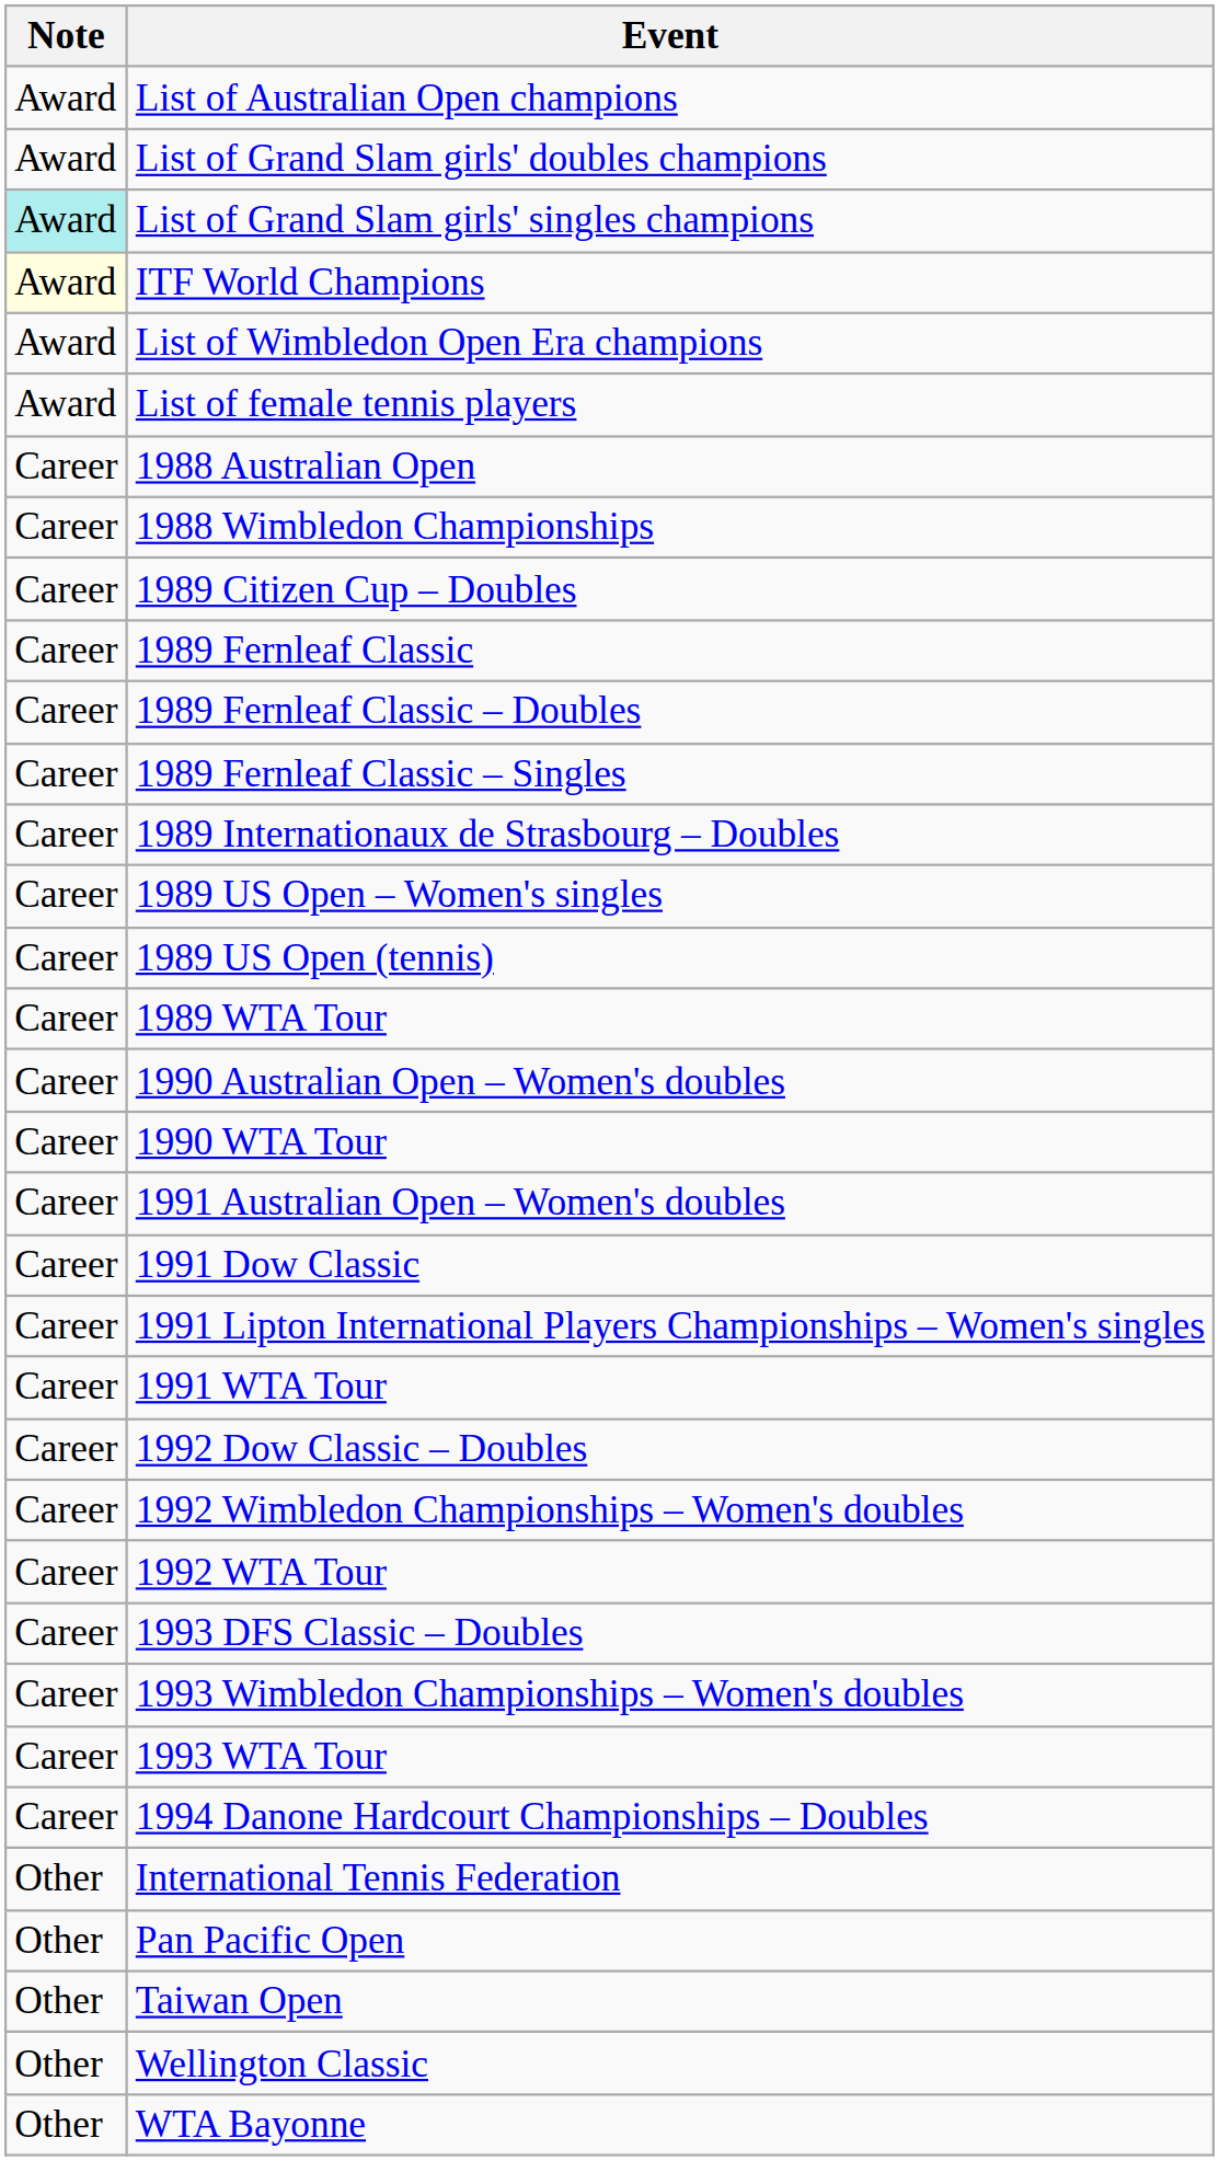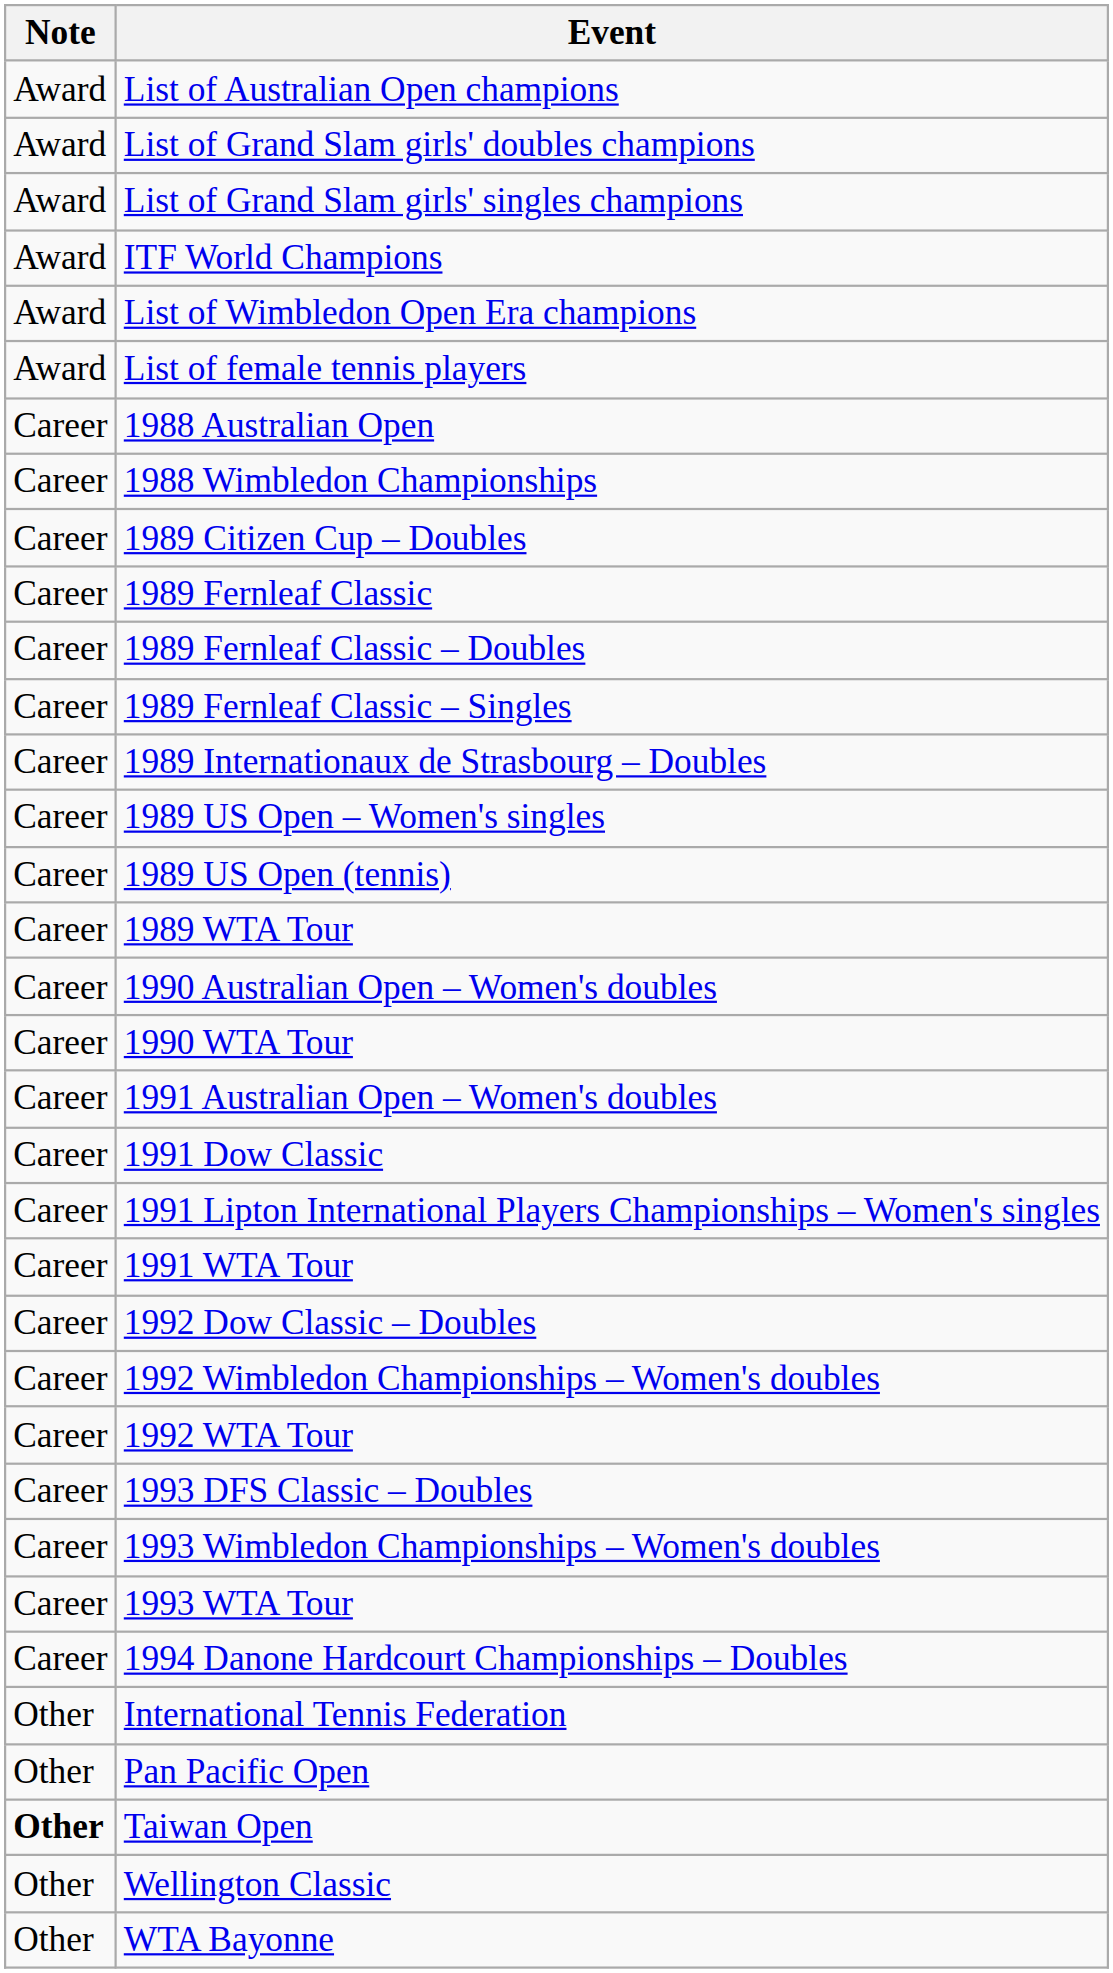 <table class="wikitable">
 <tr>
 <th scope="col">Note</th>
 <th scope="col">Event</th>
 </tr>
 <tr>
 <td>Award</td>
 <td><a href='#'>List of Australian Open champions</a></td>
 </tr>
 <tr>
 <td>Award</td>
 <td><a href='#'>List of Grand Slam girls' doubles champions</a></td>
 </tr>
 <tr>
-<td style="background: paleturquoise;">Award</td>
+<td>Award</td>
 <td><a href='#'>List of Grand Slam girls' singles champions</a></td>
 </tr>
 <tr>
-<td style="background: lightyellow;">Award</td>
+<td>Award</td>
 <td><a href='#'>ITF World Champions</a></td>
 </tr>
 <tr>
 <td>Award</td>
 <td><a href='#'>List of Wimbledon Open Era champions</a></td>
 </tr>
 <tr>
 <td>Award</td>
 <td><a href='#'>List of female tennis players</a></td>
 </tr>
 <tr>
 <td>Career</td>
 <td><a href='#'>1988 Australian Open</a></td>
 </tr>
 <tr>
 <td>Career</td>
 <td><a href='#'>1988 Wimbledon Championships</a></td>
 </tr>
 <tr>
 <td>Career</td>
 <td><a href='#'>1989 Citizen Cup – Doubles</a></td>
 </tr>
 <tr>
 <td>Career</td>
 <td><a href='#'>1989 Fernleaf Classic</a></td>
 </tr>
 <tr>
 <td>Career</td>
 <td><a href='#'>1989 Fernleaf Classic – Doubles</a></td>
 </tr>
 <tr>
 <td>Career</td>
 <td><a href='#'>1989 Fernleaf Classic – Singles</a></td>
 </tr>
 <tr>
 <td>Career</td>
 <td><a href='#'>1989 Internationaux de Strasbourg – Doubles</a></td>
 </tr>
 <tr>
 <td>Career</td>
 <td><a href='#'>1989 US Open – Women's singles</a></td>
 </tr>
 <tr>
 <td>Career</td>
 <td><a href='#'>1989 US Open (tennis)</a></td>
 </tr>
 <tr>
 <td>Career</td>
 <td><a href='#'>1989 WTA Tour</a></td>
 </tr>
 <tr>
 <td>Career</td>
 <td><a href='#'>1990 Australian Open – Women's doubles</a></td>
 </tr>
 <tr>
 <td>Career</td>
 <td><a href='#'>1990 WTA Tour</a></td>
 </tr>
 <tr>
 <td>Career</td>
 <td><a href='#'>1991 Australian Open – Women's doubles</a></td>
 </tr>
 <tr>
 <td>Career</td>
 <td><a href='#'>1991 Dow Classic</a></td>
 </tr>
 <tr>
 <td>Career</td>
 <td><a href='#'>1991 Lipton International Players Championships – Women's singles</a></td>
 </tr>
 <tr>
 <td>Career</td>
 <td><a href='#'>1991 WTA Tour</a></td>
 </tr>
 <tr>
 <td>Career</td>
 <td><a href='#'>1992 Dow Classic – Doubles</a></td>
 </tr>
 <tr>
 <td>Career</td>
 <td><a href='#'>1992 Wimbledon Championships – Women's doubles</a></td>
 </tr>
 <tr>
 <td>Career</td>
 <td><a href='#'>1992 WTA Tour</a></td>
 </tr>
 <tr>
 <td>Career</td>
 <td><a href='#'>1993 DFS Classic – Doubles</a></td>
 </tr>
 <tr>
 <td>Career</td>
 <td><a href='#'>1993 Wimbledon Championships – Women's doubles</a></td>
 </tr>
 <tr>
 <td>Career</td>
 <td><a href='#'>1993 WTA Tour</a></td>
 </tr>
 <tr>
 <td>Career</td>
 <td><a href='#'>1994 Danone Hardcourt Championships – Doubles</a></td>
 </tr>
 <tr>
 <td>Other</td>
 <td><a href='#'>International Tennis Federation</a></td>
 </tr>
 <tr>
 <td>Other</td>
 <td><a href='#'>Pan Pacific Open</a></td>
 </tr>
 <tr>
-<td>Other</td>
+<td><strong>Other</strong></td>
 <td><a href='#'>Taiwan Open</a></td>
 </tr>
 <tr>
 <td>Other</td>
 <td><a href='#'>Wellington Classic</a></td>
 </tr>
 <tr>
 <td>Other</td>
 <td><a href='#'>WTA Bayonne</a></td>
 </tr>
 </table>
